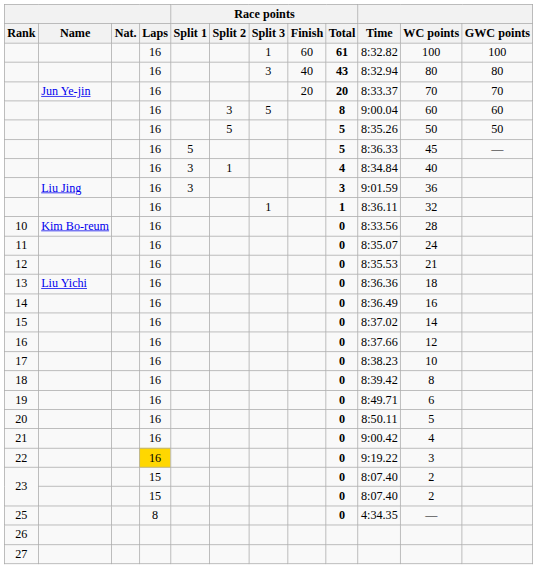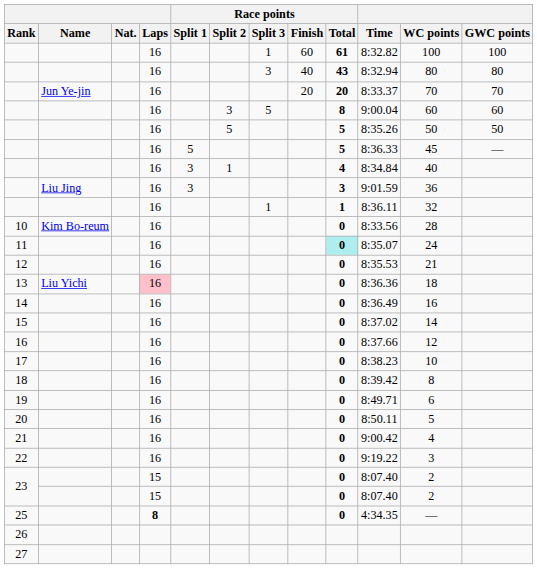 <table class="wikitable sortable" style="text-align:center">
 <tr>
 <th colspan=4></th>
 <th colspan=5>Race points</th>
 <th colspan=3></th>
 </tr>
 <tr>
 <th>Rank</th>
 <th>Name</th>
 <th>Nat.</th>
 <th>Laps</th>
 <th>Split 1</th>
 <th>Split 2</th>
 <th>Split 3</th>
 <th>Finish</th>
 <th>Total</th>
 <th>Time</th>
 <th>WC points</th>
 <th>GWC points</th>
 </tr>
 <tr>
 <td></td>
 <td align=left></td>
 <td></td>
 <td>16</td>
 <td></td>
 <td></td>
 <td>1</td>
 <td>60</td>
 <td><strong>61</strong></td>
 <td>8:32.82</td>
 <td>100</td>
 <td>100</td>
 </tr>
 <tr>
 <td></td>
 <td align=left></td>
 <td></td>
 <td>16</td>
 <td></td>
 <td></td>
 <td>3</td>
 <td>40</td>
 <td><strong>43</strong></td>
 <td>8:32.94</td>
 <td>80</td>
 <td>80</td>
 </tr>
 <tr>
 <td></td>
 <td align=left><a href='#'>Jun Ye-jin</a></td>
 <td></td>
 <td>16</td>
 <td></td>
 <td></td>
 <td></td>
 <td>20</td>
 <td><strong>20</strong></td>
 <td>8:33.37</td>
 <td>70</td>
 <td>70</td>
 </tr>
 <tr>
 <td></td>
 <td align=left></td>
 <td></td>
 <td>16</td>
 <td></td>
 <td>3</td>
 <td>5</td>
 <td></td>
 <td><strong>8</strong></td>
 <td>9:00.04</td>
 <td>60</td>
 <td>60</td>
 </tr>
 <tr>
 <td></td>
 <td align=left></td>
 <td></td>
 <td>16</td>
 <td></td>
 <td>5</td>
 <td></td>
 <td></td>
 <td><strong>5</strong></td>
 <td>8:35.26</td>
 <td>50</td>
 <td>50</td>
 </tr>
 <tr>
 <td></td>
 <td align=left></td>
 <td></td>
 <td>16</td>
 <td>5</td>
 <td></td>
 <td></td>
 <td></td>
 <td><strong>5</strong></td>
 <td>8:36.33</td>
 <td>45</td>
 <td>—</td>
 </tr>
 <tr>
 <td></td>
 <td align=left></td>
 <td></td>
 <td>16</td>
 <td>3</td>
 <td>1</td>
 <td></td>
 <td></td>
 <td><strong>4</strong></td>
 <td>8:34.84</td>
 <td>40</td>
 <td></td>
 </tr>
 <tr>
 <td></td>
 <td align=left><a href='#'>Liu Jing</a></td>
 <td></td>
 <td>16</td>
 <td>3</td>
 <td></td>
 <td></td>
 <td></td>
 <td><strong>3</strong></td>
 <td>9:01.59</td>
 <td>36</td>
 <td></td>
 </tr>
 <tr>
 <td></td>
 <td align=left></td>
 <td></td>
 <td>16</td>
 <td></td>
 <td></td>
 <td>1</td>
 <td></td>
 <td><strong>1</strong></td>
 <td>8:36.11</td>
 <td>32</td>
 <td></td>
 </tr>
 <tr>
 <td>10</td>
 <td align=left><a href='#'>Kim Bo-reum</a></td>
 <td></td>
 <td>16</td>
 <td></td>
 <td></td>
 <td></td>
 <td></td>
 <td><strong>0</strong></td>
 <td>8:33.56</td>
 <td>28</td>
 <td></td>
 </tr>
 <tr>
 <td>11</td>
 <td align=left></td>
 <td></td>
 <td>16</td>
 <td></td>
 <td></td>
 <td></td>
 <td></td>
-<td><strong>0</strong></td>
+<td style="background: paleturquoise;"><strong>0</strong></td>
 <td>8:35.07</td>
 <td>24</td>
 <td></td>
 </tr>
 <tr>
 <td>12</td>
 <td align=left></td>
 <td></td>
 <td>16</td>
 <td></td>
 <td></td>
 <td></td>
 <td></td>
 <td><strong>0</strong></td>
 <td>8:35.53</td>
 <td>21</td>
 <td></td>
 </tr>
 <tr>
 <td>13</td>
 <td align=left><a href='#'>Liu Yichi</a></td>
 <td></td>
-<td>16</td>
+<td style="background: pink;">16</td>
 <td></td>
 <td></td>
 <td></td>
 <td></td>
 <td><strong>0</strong></td>
 <td>8:36.36</td>
 <td>18</td>
 <td></td>
 </tr>
 <tr>
 <td>14</td>
 <td align=left></td>
 <td></td>
 <td>16</td>
 <td></td>
 <td></td>
 <td></td>
 <td></td>
 <td><strong>0</strong></td>
 <td>8:36.49</td>
 <td>16</td>
 <td></td>
 </tr>
 <tr>
 <td>15</td>
 <td align=left></td>
 <td></td>
 <td>16</td>
 <td></td>
 <td></td>
 <td></td>
 <td></td>
 <td><strong>0</strong></td>
 <td>8:37.02</td>
 <td>14</td>
 <td></td>
 </tr>
 <tr>
 <td>16</td>
 <td align=left></td>
 <td></td>
 <td>16</td>
 <td></td>
 <td></td>
 <td></td>
 <td></td>
 <td><strong>0</strong></td>
 <td>8:37.66</td>
 <td>12</td>
 <td></td>
 </tr>
 <tr>
 <td>17</td>
 <td align=left></td>
 <td></td>
 <td>16</td>
 <td></td>
 <td></td>
 <td></td>
 <td></td>
 <td><strong>0</strong></td>
 <td>8:38.23</td>
 <td>10</td>
 <td></td>
 </tr>
 <tr>
 <td>18</td>
 <td align=left></td>
 <td></td>
 <td>16</td>
 <td></td>
 <td></td>
 <td></td>
 <td></td>
 <td><strong>0</strong></td>
 <td>8:39.42</td>
 <td>8</td>
 <td></td>
 </tr>
 <tr>
 <td>19</td>
 <td align=left></td>
 <td></td>
 <td>16</td>
 <td></td>
 <td></td>
 <td></td>
 <td></td>
 <td><strong>0</strong></td>
 <td>8:49.71</td>
 <td>6</td>
 <td></td>
 </tr>
 <tr>
 <td>20</td>
 <td align=left></td>
 <td></td>
 <td>16</td>
 <td></td>
 <td></td>
 <td></td>
 <td></td>
 <td><strong>0</strong></td>
 <td>8:50.11</td>
 <td>5</td>
 <td></td>
 </tr>
 <tr>
 <td>21</td>
 <td align=left></td>
 <td></td>
 <td>16</td>
 <td></td>
 <td></td>
 <td></td>
 <td></td>
 <td><strong>0</strong></td>
 <td>9:00.42</td>
 <td>4</td>
 <td></td>
 </tr>
 <tr>
 <td>22</td>
 <td align=left></td>
 <td></td>
-<td style="background: gold;">16</td>
+<td>16</td>
 <td></td>
 <td></td>
 <td></td>
 <td></td>
 <td><strong>0</strong></td>
 <td>9:19.22</td>
 <td>3</td>
 <td></td>
 </tr>
 <tr>
 <td rowspan=2>23</td>
 <td align=left></td>
 <td></td>
 <td>15</td>
 <td></td>
 <td></td>
 <td></td>
 <td></td>
 <td><strong>0</strong></td>
 <td>8:07.40</td>
 <td>2</td>
 <td></td>
 </tr>
 <tr>
 <td align=left></td>
 <td></td>
 <td>15</td>
 <td></td>
 <td></td>
 <td></td>
 <td></td>
 <td><strong>0</strong></td>
 <td>8:07.40</td>
 <td>2</td>
 <td></td>
 </tr>
 <tr>
 <td>25</td>
 <td align=left></td>
 <td></td>
-<td>8</td>
+<td><strong>8</strong></td>
 <td></td>
 <td></td>
 <td></td>
 <td></td>
 <td><strong>0</strong></td>
 <td>4:34.35</td>
 <td>—</td>
 <td></td>
 </tr>
 <tr>
 <td>26</td>
 <td align=left></td>
 <td></td>
 <td></td>
 <td></td>
 <td></td>
 <td></td>
 <td></td>
 <td></td>
 <td></td>
 <td></td>
 <td></td>
 </tr>
 <tr>
 <td>27</td>
 <td align=left></td>
 <td></td>
 <td></td>
 <td></td>
 <td></td>
 <td></td>
 <td></td>
 <td></td>
 <td></td>
 <td></td>
 <td></td>
 </tr>
 </table>
